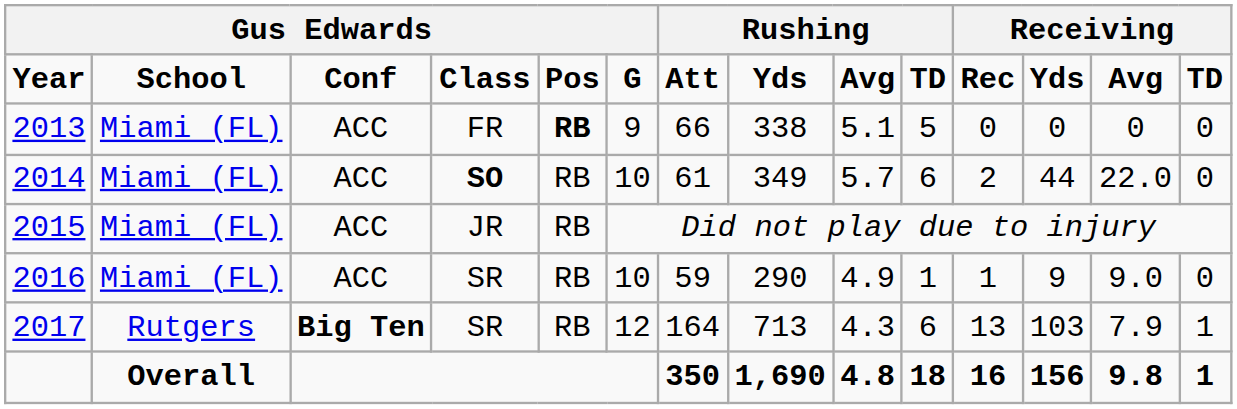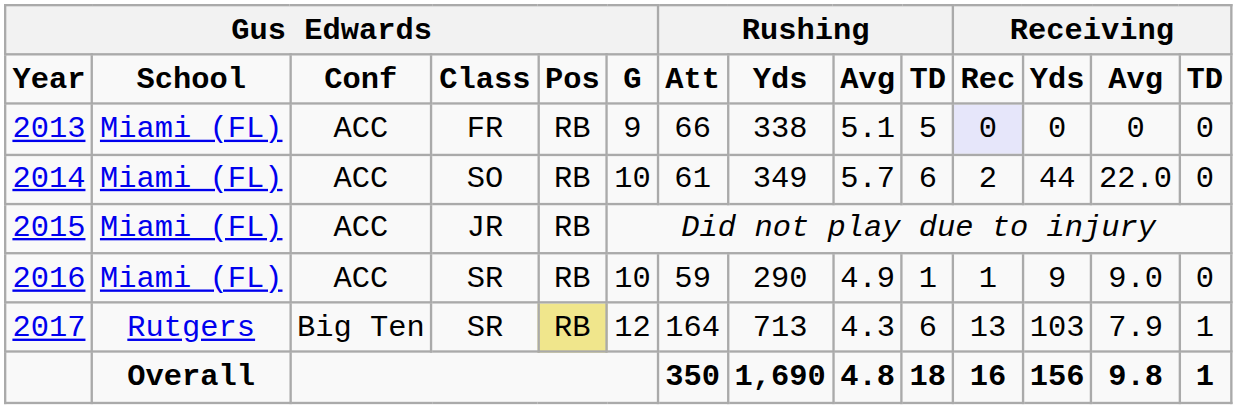 <table class="wikitable" style="text-align:center">
 <tr>
 <th colspan="6" style="text-align: center; font-weight:bold;">Gus Edwards</th>
 <th colspan="4" style="text-align: center; font-weight:bold;">Rushing</th>
 <th colspan="4" style="text-align: center; font-weight:bold;">Receiving</th>
 </tr>
 <tr>
 <td style="font-weight:bold;">Year</td>
 <td style="font-weight:bold;">School</td>
 <td style="font-weight:bold;">Conf</td>
 <td style="font-weight:bold;">Class</td>
 <td style="font-weight:bold;">Pos</td>
 <td style="font-weight:bold;">G</td>
 <td style="font-weight:bold;">Att</td>
 <td style="font-weight:bold;">Yds</td>
 <td style="font-weight:bold;">Avg</td>
 <td style="font-weight:bold;">TD</td>
 <td style="font-weight:bold;">Rec</td>
 <td style="font-weight:bold;">Yds</td>
 <td style="font-weight:bold;">Avg</td>
 <td style="font-weight:bold;">TD</td>
 </tr>
 <tr>
 <td><a href='#'>2013</a></td>
 <td><a href='#'>Miami (FL)</a></td>
 <td>ACC</td>
 <td>FR</td>
-<td><strong>RB</strong></td>
+<td>RB</td>
 <td>9</td>
 <td>66</td>
 <td>338</td>
 <td>5.1</td>
 <td>5</td>
-<td>0</td>
+<td style="background: lavender;">0</td>
 <td>0</td>
 <td>0</td>
 <td>0</td>
 </tr>
 <tr>
 <td><a href='#'>2014</a></td>
 <td><a href='#'>Miami (FL)</a></td>
 <td>ACC</td>
-<td><strong>SO</strong></td>
+<td>SO</td>
 <td>RB</td>
 <td>10</td>
 <td>61</td>
 <td>349</td>
 <td>5.7</td>
 <td>6</td>
 <td>2</td>
 <td>44</td>
 <td>22.0</td>
 <td>0</td>
 </tr>
 <tr>
 <td><a href='#'>2015</a></td>
 <td><a href='#'>Miami (FL)</a></td>
 <td>ACC</td>
 <td>JR</td>
 <td>RB</td>
 <td colspan="12"><em>Did not play due to injury</em></td>
 </tr>
 <tr>
 <td><a href='#'>2016</a></td>
 <td><a href='#'>Miami (FL)</a></td>
 <td>ACC</td>
 <td>SR</td>
 <td>RB</td>
 <td>10</td>
 <td>59</td>
 <td>290</td>
 <td>4.9</td>
 <td>1</td>
 <td>1</td>
 <td>9</td>
 <td>9.0</td>
 <td>0</td>
 </tr>
 <tr>
 <td><a href='#'>2017</a></td>
 <td><a href='#'>Rutgers</a></td>
-<td><strong>Big Ten</strong></td>
+<td>Big Ten</td>
 <td>SR</td>
-<td>RB</td>
+<td style="background: khaki;">RB</td>
 <td>12</td>
 <td>164</td>
 <td>713</td>
 <td>4.3</td>
 <td>6</td>
 <td>13</td>
 <td>103</td>
 <td>7.9</td>
 <td>1</td>
 </tr>
 <tr>
 <td style="font-weight:bold;"></td>
 <td style="font-weight:bold;">Overall</td>
 <td colspan="4" style="font-weight:bold;"></td>
 <td style="font-weight:bold;">350</td>
 <td style="font-weight:bold;">1,690</td>
 <td style="font-weight:bold;">4.8</td>
 <td style="font-weight:bold;">18</td>
 <td style="font-weight:bold;">16</td>
 <td style="font-weight:bold;">156</td>
 <td style="font-weight:bold;">9.8</td>
 <td style="font-weight:bold;">1</td>
 </tr>
 </table>
